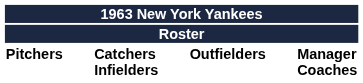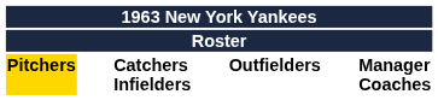 <table class="toccolours" style="font-size: 95%;">
 <tr>
 <th colspan="10" style="background-color: #1c2841; color: white; text-align: center;">1963 New York Yankees</th>
 </tr>
 <tr>
 <td colspan="10" style="background-color: #1c2841; color: white; text-align: center;"><strong>Roster</strong></td>
 </tr>
 <tr>
-<td valign="top"><strong>Pitchers</strong><br>            </td>
+<td valign="top" style="background: gold;"><strong>Pitchers</strong><br>            </td>
 <td width="25px"></td>
 <td valign="top"><strong>Catchers</strong><br>   <strong>Infielders</strong>        </td>
 <td width="25px"></td>
 <td valign="top"><strong>Outfielders</strong><br>     </td>
 <td width="25px"></td>
 <td valign="top"><strong>Manager</strong><br> <strong>Coaches</strong>     </td>
 </tr>
 </table>
